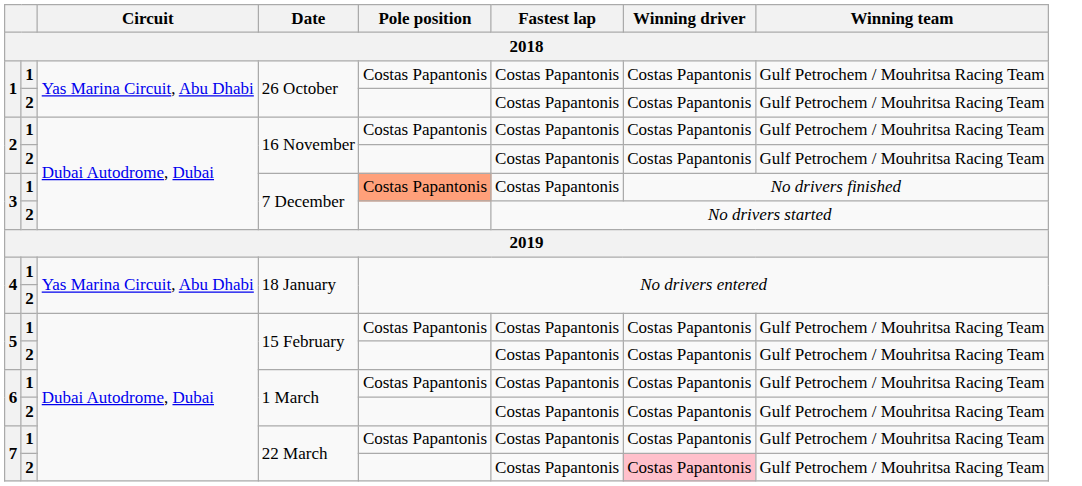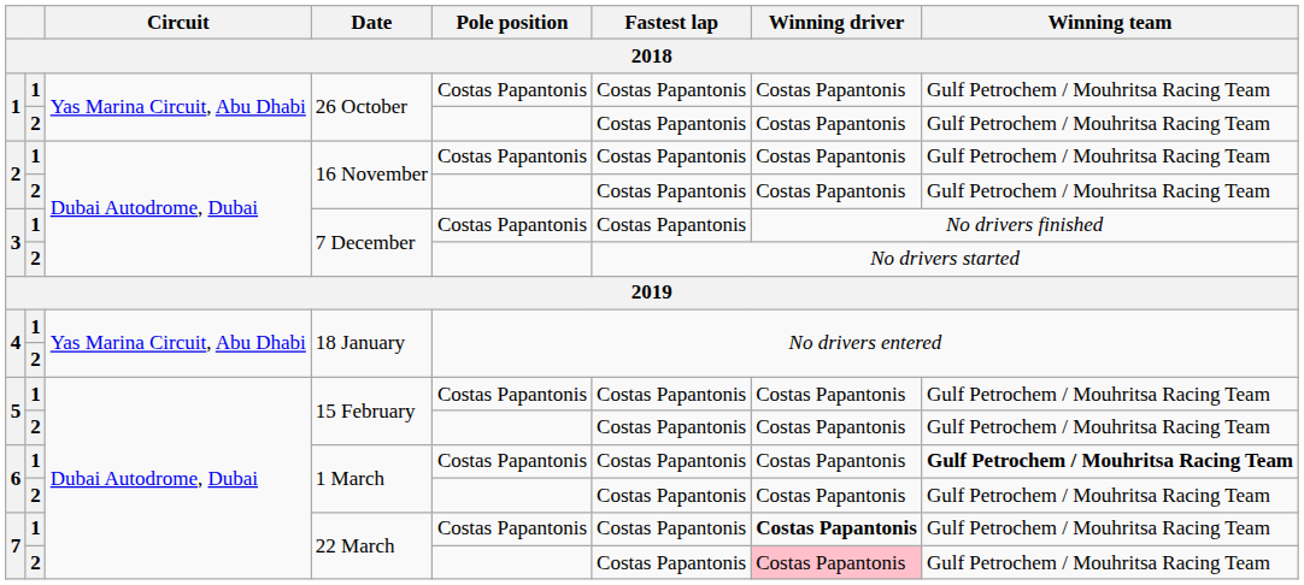 <table class="wikitable" style="font-size: 85%">
 <tr>
 <th colspan="2"></th>
 <th>Circuit</th>
 <th>Date</th>
 <th>Pole position</th>
 <th>Fastest lap</th>
 <th>Winning driver</th>
 <th>Winning team</th>
 </tr>
 <tr>
 <th colspan="8">2018</th>
 </tr>
 <tr>
 <th rowspan="2">1</th>
 <th>1</th>
 <td rowspan="2"><a href='#'>Yas Marina Circuit</a>, <a href='#'>Abu Dhabi</a></td>
 <td rowspan="2">26 October</td>
 <td> Costas Papantonis</td>
 <td> Costas Papantonis</td>
 <td> Costas Papantonis</td>
 <td>Gulf Petrochem / Mouhritsa Racing Team</td>
 </tr>
 <tr>
 <th>2</th>
 <td></td>
 <td> Costas Papantonis</td>
 <td> Costas Papantonis</td>
 <td>Gulf Petrochem / Mouhritsa Racing Team</td>
 </tr>
 <tr>
 <th rowspan="2">2</th>
 <th>1</th>
 <td rowspan="4"><a href='#'>Dubai Autodrome</a>, <a href='#'>Dubai</a></td>
 <td rowspan="2">16 November</td>
 <td> Costas Papantonis</td>
 <td> Costas Papantonis</td>
 <td> Costas Papantonis</td>
 <td>Gulf Petrochem / Mouhritsa Racing Team</td>
 </tr>
 <tr>
 <th>2</th>
 <td></td>
 <td> Costas Papantonis</td>
 <td> Costas Papantonis</td>
 <td>Gulf Petrochem / Mouhritsa Racing Team</td>
 </tr>
 <tr>
 <th rowspan="2">3</th>
 <th>1</th>
 <td rowspan="2">7 December</td>
-<td style="background: lightsalmon;"> Costas Papantonis</td>
+<td> Costas Papantonis</td>
 <td> Costas Papantonis</td>
 <td colspan="2" align="center"><em>No drivers finished</em></td>
 </tr>
 <tr>
 <th>2</th>
 <td></td>
 <td colspan="3" align="center"><em>No drivers started</em></td>
 </tr>
 <tr>
 <th colspan="8">2019</th>
 </tr>
 <tr>
 <th rowspan="2">4</th>
 <th>1</th>
 <td rowspan="2"><a href='#'>Yas Marina Circuit</a>, <a href='#'>Abu Dhabi</a></td>
 <td rowspan="2">18 January</td>
 <td colspan="4" rowspan="2" align="center"><em>No drivers entered</em></td>
 </tr>
 <tr>
 <th>2</th>
 </tr>
 <tr>
 <th rowspan="2">5</th>
 <th>1</th>
 <td rowspan="6"><a href='#'>Dubai Autodrome</a>, <a href='#'>Dubai</a></td>
 <td rowspan="2">15 February</td>
 <td> Costas Papantonis</td>
 <td> Costas Papantonis</td>
 <td> Costas Papantonis</td>
 <td>Gulf Petrochem / Mouhritsa Racing Team</td>
 </tr>
 <tr>
 <th>2</th>
 <td></td>
 <td> Costas Papantonis</td>
 <td> Costas Papantonis</td>
 <td>Gulf Petrochem / Mouhritsa Racing Team</td>
 </tr>
 <tr>
 <th rowspan="2">6</th>
 <th>1</th>
 <td rowspan="2">1 March</td>
 <td> Costas Papantonis</td>
 <td> Costas Papantonis</td>
 <td> Costas Papantonis</td>
-<td>Gulf Petrochem / Mouhritsa Racing Team</td>
+<td><strong>Gulf Petrochem / Mouhritsa Racing Team</strong></td>
 </tr>
 <tr>
 <th>2</th>
 <td></td>
 <td> Costas Papantonis</td>
 <td> Costas Papantonis</td>
 <td>Gulf Petrochem / Mouhritsa Racing Team</td>
 </tr>
 <tr>
 <th rowspan="2">7</th>
 <th>1</th>
 <td rowspan="2">22 March</td>
 <td> Costas Papantonis</td>
 <td> Costas Papantonis</td>
-<td> Costas Papantonis</td>
+<td><strong> Costas Papantonis</strong></td>
 <td>Gulf Petrochem / Mouhritsa Racing Team</td>
 </tr>
 <tr>
 <th>2</th>
 <td></td>
 <td> Costas Papantonis</td>
 <td style="background: pink;"> Costas Papantonis</td>
 <td>Gulf Petrochem / Mouhritsa Racing Team</td>
 </tr>
 </table>
